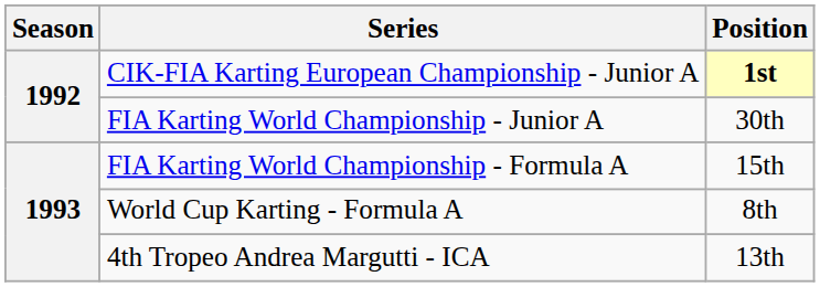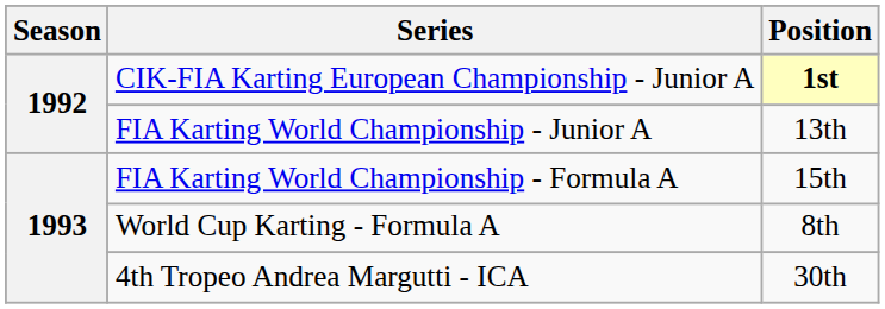 <table class="wikitable" style="font-size: 85%; text-align:center">
 <tr>
 <th>Season</th>
 <th>Series</th>
 <th>Position</th>
 </tr>
 <tr>
 <th rowspan=2>1992</th>
 <td align="left"><a href='#'>CIK-FIA Karting European Championship</a> - Junior A</td>
 <td align="center" style="background: #ffffbf"><strong>1st</strong></td>
 </tr>
 <tr>
 <td align="left"><a href='#'>FIA Karting World Championship</a> - Junior A</td>
-<td align="center">30th</td>
+<td align="center">13th</td>
 </tr>
 <tr>
 <th rowspan=3>1993</th>
 <td align="left"><a href='#'>FIA Karting World Championship</a> - Formula A</td>
 <td align="center">15th</td>
 </tr>
 <tr>
 <td align="left">World Cup Karting - Formula A</td>
 <td align="center">8th</td>
 </tr>
 <tr>
 <td align="left">4th Tropeo Andrea Margutti - ICA</td>
-<td align="center">13th</td>
+<td align="center">30th</td>
 </tr>
 </table>
